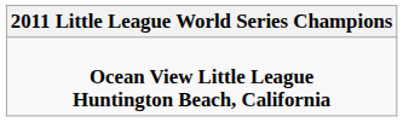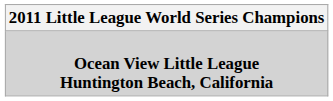 <table class="wikitable" style="text-align: center; margin: 0 auto;">
 <tr>
 <th>2011 Little League World Series Champions</th>
 </tr>
 <tr>
-<td> <br><strong>Ocean View Little League</strong><br><strong>Huntington Beach, California</strong></td>
+<td style="background: lightgrey;"> <br><strong>Ocean View Little League</strong><br><strong>Huntington Beach, California</strong></td>
 </tr>
 </table>
